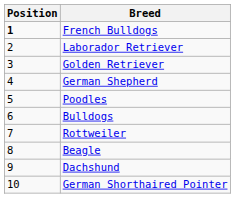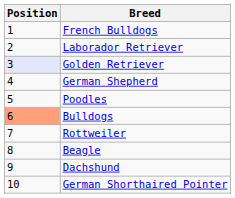 <table class="wikitable sortable">
 <tr>
 <th>Position</th>
 <th>Breed</th>
 </tr>
 <tr>
-<td><strong>1</strong></td>
+<td>1</td>
 <td><a href='#'>French Bulldogs</a></td>
 </tr>
 <tr>
 <td>2</td>
 <td><a href='#'>Laborador Retriever</a></td>
 </tr>
 <tr>
-<td>3</td>
+<td style="background: lavender;">3</td>
 <td><a href='#'>Golden Retriever</a></td>
 </tr>
 <tr>
 <td>4</td>
 <td><a href='#'>German Shepherd</a></td>
 </tr>
 <tr>
 <td>5</td>
 <td><a href='#'>Poodles</a></td>
 </tr>
 <tr>
-<td>6</td>
+<td style="background: lightsalmon;">6</td>
 <td><a href='#'>Bulldogs</a></td>
 </tr>
 <tr>
 <td>7</td>
 <td><a href='#'>Rottweiler</a></td>
 </tr>
 <tr>
 <td>8</td>
 <td><a href='#'>Beagle</a></td>
 </tr>
 <tr>
 <td>9</td>
 <td><a href='#'>Dachshund</a></td>
 </tr>
 <tr>
 <td>10</td>
 <td><a href='#'>German Shorthaired Pointer</a></td>
 </tr>
 </table>
